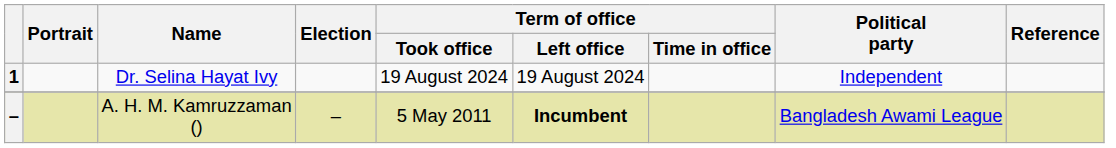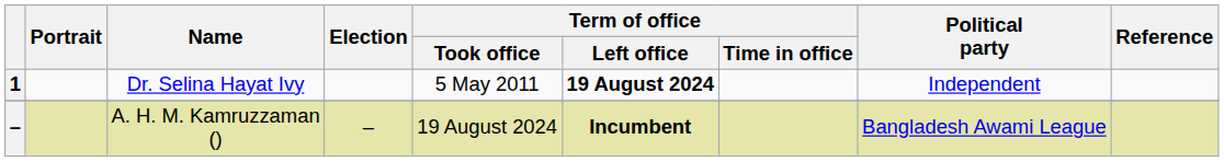 <table class="wikitable" style="text-align:center">
 <tr>
 <th rowspan="2"></th>
 <th rowspan="2">Portrait</th>
 <th rowspan="2">Name<br></th>
 <th rowspan="2">Election</th>
 <th colspan="3"><strong>Term of office</strong></th>
 <th rowspan="2"><strong>Political<br> party</strong></th>
 <th rowspan="2"><strong>Reference</strong></th>
 </tr>
 <tr>
 <th><strong>Took office</strong></th>
 <th><strong>Left office</strong></th>
 <th><strong>Time in office</strong></th>
 </tr>
 <tr>
 <th style="background:">1</th>
 <td align=center></td>
 <td><a href='#'>Dr. Selina Hayat Ivy</a></td>
 <td></td>
-<td align=center>19 August 2024</td>
-<td align=center>19 August 2024</td>
+<td align=center>5 May 2011</td>
+<td align=center><strong>19 August 2024</strong></td>
 <td></td>
 <td><a href='#'>Independent</a></td>
 <td></td>
 </tr>
 <tr>
 </tr>
 <tr style="background:#e6e6aa;">
 <th style="background:">–</th>
 <td align=center></td>
 <td>A. H. M. Kamruzzaman<br>()</td>
 <td>–</td>
-<td align=center>5 May 2011</td>
+<td align=center>19 August 2024</td>
 <td align=center><strong>Incumbent</strong></td>
 <td></td>
 <td><a href='#'>Bangladesh Awami League</a></td>
 <td></td>
 </tr>
 </table>
